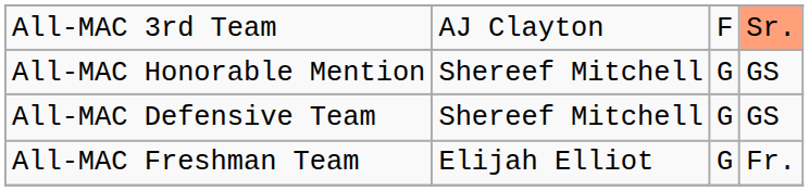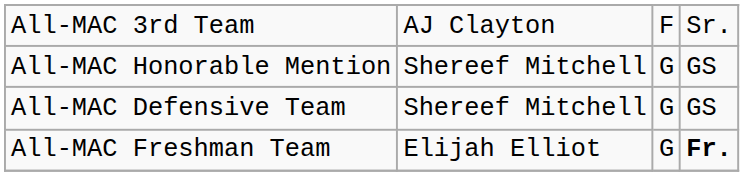 <table class="wikitable" border="1">
 <tr align=center>
 </tr>
 <tr>
 <td>All-MAC 3rd Team</td>
 <td>AJ Clayton</td>
 <td>F</td>
-<td style="background: lightsalmon;">Sr.</td>
+<td>Sr.</td>
 </tr>
 <tr>
 <td>All-MAC Honorable Mention</td>
 <td>Shereef Mitchell</td>
 <td>G</td>
 <td>GS</td>
 </tr>
 <tr>
 <td>All-MAC Defensive Team</td>
 <td>Shereef Mitchell</td>
 <td>G</td>
 <td>GS</td>
 </tr>
 <tr>
 <td>All-MAC Freshman Team</td>
 <td>Elijah Elliot</td>
 <td>G</td>
-<td>Fr.</td>
+<td><strong>Fr.</strong></td>
 </tr>
 <tr>
 </tr>
 </table>
